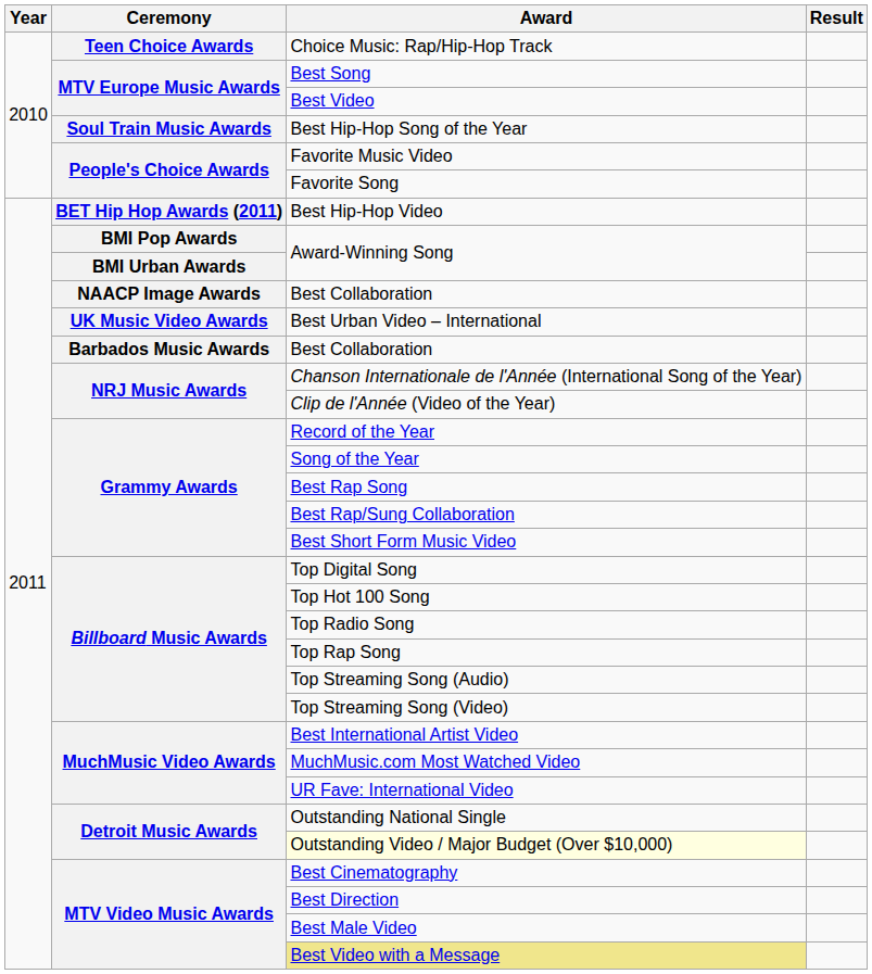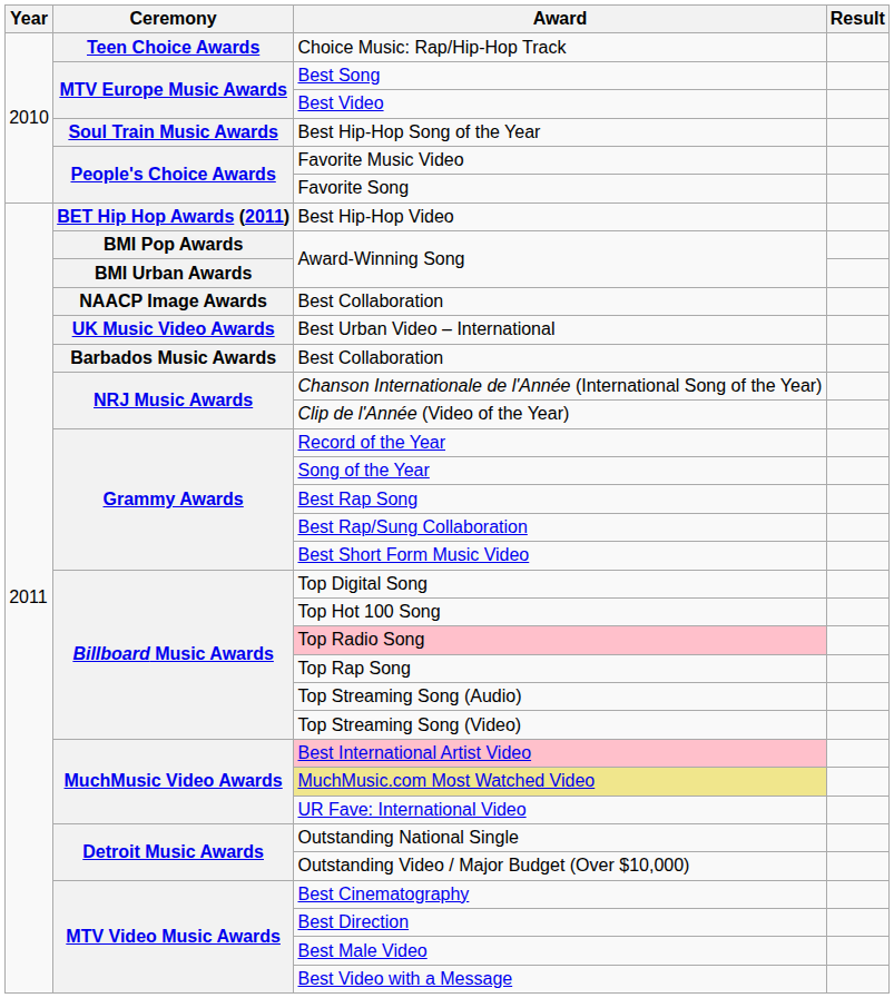 <table class="wikitable plainrowheaders">
 <tr>
 <th>Year</th>
 <th>Ceremony</th>
 <th>Award</th>
 <th>Result</th>
 </tr>
 <tr>
 <td rowspan="6">2010</td>
 <th scope=row><a href='#'>Teen Choice Awards</a></th>
 <td>Choice Music: Rap/Hip-Hop Track</td>
 <td></td>
 </tr>
 <tr>
 <th scope=row rowspan="2"><a href='#'>MTV Europe Music Awards</a></th>
 <td><a href='#'>Best Song</a></td>
 <td></td>
 </tr>
 <tr>
 <td><a href='#'>Best Video</a></td>
 <td></td>
 </tr>
 <tr>
 <th scope=row><a href='#'>Soul Train Music Awards</a></th>
 <td>Best Hip-Hop Song of the Year</td>
 <td></td>
 </tr>
 <tr>
 <th scope=row rowspan="2"><a href='#'>People's Choice Awards</a></th>
 <td>Favorite Music Video</td>
 <td></td>
 </tr>
 <tr>
 <td>Favorite Song</td>
 <td></td>
 </tr>
 <tr>
 <td rowspan="30">2011</td>
 <th scope=row><a href='#'>BET Hip Hop Awards</a> (<a href='#'>2011</a>)</th>
 <td>Best Hip-Hop Video</td>
 <td></td>
 </tr>
 <tr>
 <th scope=row>BMI Pop Awards</th>
 <td rowspan="2">Award-Winning Song</td>
 <td></td>
 </tr>
 <tr>
 <th scope=row>BMI Urban Awards</th>
 <td></td>
 </tr>
 <tr>
 <th scope=row>NAACP Image Awards</th>
 <td>Best Collaboration</td>
 <td></td>
 </tr>
 <tr>
 <th scope=row><a href='#'>UK Music Video Awards</a></th>
 <td>Best Urban Video – International</td>
 <td></td>
 </tr>
 <tr>
 <th scope=row>Barbados Music Awards</th>
 <td>Best Collaboration</td>
 <td></td>
 </tr>
 <tr>
 <th scope=row rowspan="2"><a href='#'>NRJ Music Awards</a></th>
 <td><em>Chanson  Internationale de l'Année</em> (International Song of the Year)</td>
 <td></td>
 </tr>
 <tr>
 <td><em>Clip de l'Année</em> (Video of the Year)</td>
 <td></td>
 </tr>
 <tr>
 <th scope=row rowspan="5"><a href='#'>Grammy Awards</a></th>
 <td><a href='#'>Record of the Year</a></td>
 <td></td>
 </tr>
 <tr>
 <td><a href='#'>Song of the Year</a></td>
 <td></td>
 </tr>
 <tr>
 <td><a href='#'>Best Rap Song</a></td>
 <td></td>
 </tr>
 <tr>
 <td><a href='#'>Best Rap/Sung Collaboration</a></td>
 <td></td>
 </tr>
 <tr>
 <td><a href='#'>Best Short Form Music Video</a></td>
 <td></td>
 </tr>
 <tr>
 <th scope=row rowspan="6"><a href='#'><em>Billboard</em> Music Awards</a></th>
 <td>Top Digital Song</td>
 <td></td>
 </tr>
 <tr>
 <td>Top Hot 100 Song</td>
 <td></td>
 </tr>
 <tr>
-<td>Top Radio Song</td>
+<td style="background: pink;">Top Radio Song</td>
 <td></td>
 </tr>
 <tr>
 <td>Top Rap Song</td>
 <td></td>
 </tr>
 <tr>
 <td>Top Streaming Song (Audio)</td>
 <td></td>
 </tr>
 <tr>
 <td>Top Streaming Song (Video)</td>
 <td></td>
 </tr>
 <tr>
 <th scope=row rowspan="3"><a href='#'>MuchMusic Video Awards</a></th>
-<td><a href='#'>Best International Artist Video</a></td>
+<td style="background: pink;"><a href='#'>Best International Artist Video</a></td>
 <td></td>
 </tr>
 <tr>
-<td><a href='#'>MuchMusic.com Most Watched Video</a></td>
+<td style="background: khaki;"><a href='#'>MuchMusic.com Most Watched Video</a></td>
 <td></td>
 </tr>
 <tr>
 <td><a href='#'>UR Fave: International Video</a></td>
 <td></td>
 </tr>
 <tr>
 <th scope=row rowspan="2"><a href='#'>Detroit Music Awards</a></th>
 <td>Outstanding National Single</td>
 <td></td>
 </tr>
 <tr>
-<td style="background: lightyellow;">Outstanding Video / Major Budget (Over $10,000)</td>
+<td>Outstanding Video / Major Budget (Over $10,000)</td>
 <td></td>
 </tr>
 <tr>
 <th scope=row rowspan="4"><a href='#'>MTV Video Music Awards</a></th>
 <td><a href='#'>Best Cinematography</a></td>
 <td></td>
 </tr>
 <tr>
 <td><a href='#'>Best Direction</a></td>
 <td></td>
 </tr>
 <tr>
 <td><a href='#'>Best Male Video</a></td>
 <td></td>
 </tr>
 <tr>
-<td style="background: khaki;"><a href='#'>Best Video with a Message</a></td>
+<td><a href='#'>Best Video with a Message</a></td>
 <td></td>
 </tr>
 </table>
